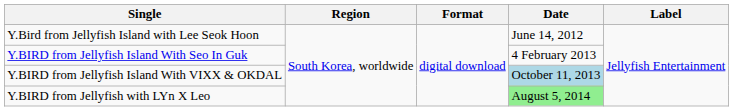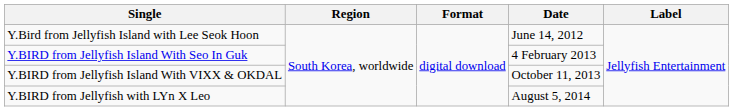 <table class="wikitable">
 <tr>
 <th>Single</th>
 <th>Region</th>
 <th>Format</th>
 <th>Date</th>
 <th>Label</th>
 </tr>
 <tr>
 <td>Y.Bird from Jellyfish Island with Lee Seok Hoon</td>
 <td rowspan="4"><a href='#'>South Korea</a>, worldwide</td>
 <td rowspan="4"><a href='#'>digital download</a></td>
 <td>June 14, 2012</td>
 <td rowspan="4"><a href='#'>Jellyfish Entertainment</a></td>
 </tr>
 <tr>
 <td><a href='#'>Y.BIRD from Jellyfish Island With Seo In Guk</a></td>
 <td>4 February 2013</td>
 </tr>
 <tr>
 <td>Y.BIRD from Jellyfish Island With VIXX & OKDAL</td>
-<td style="background: lightblue;">October 11, 2013</td>
+<td>October 11, 2013</td>
 </tr>
 <tr>
 <td>Y.BIRD from Jellyfish with LYn X Leo</td>
-<td style="background: lightgreen;">August 5, 2014</td>
+<td>August 5, 2014</td>
 </tr>
 </table>
